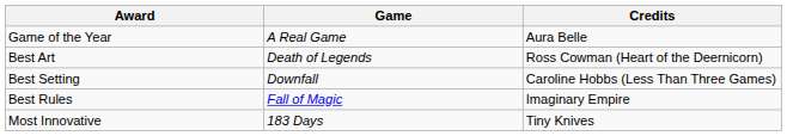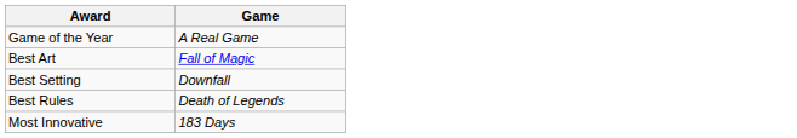 <table class="wikitable sortable" style="margins:auto; width=95%; font-size: 95%;">
 <tr>
 <th width="33%">Award</th>
 <th width="33%">Game</th>
-<th width="33%">Credits</th>
 </tr>
 <tr>
 <td>Game of the Year</td>
 <td><em>A Real Game</em></td>
-<td>Aura Belle</td>
 </tr>
 <tr>
 <td>Best Art</td>
-<td><em>Death of Legends</em></td>
-<td>Ross Cowman (Heart of the Deernicorn)</td>
+<td><em><a href='#'>Fall of Magic</a></em></td>
 </tr>
 <tr>
 <td>Best Setting</td>
 <td><em>Downfall</em></td>
-<td>Caroline Hobbs (Less Than Three Games)</td>
 </tr>
 <tr>
 <td>Best Rules</td>
-<td><em><a href='#'>Fall of Magic</a></em></td>
-<td>Imaginary Empire</td>
+<td><em>Death of Legends</em></td>
 </tr>
 <tr>
 <td>Most Innovative</td>
 <td><em>183 Days</em></td>
-<td>Tiny Knives</td>
 </tr>
 </table>
